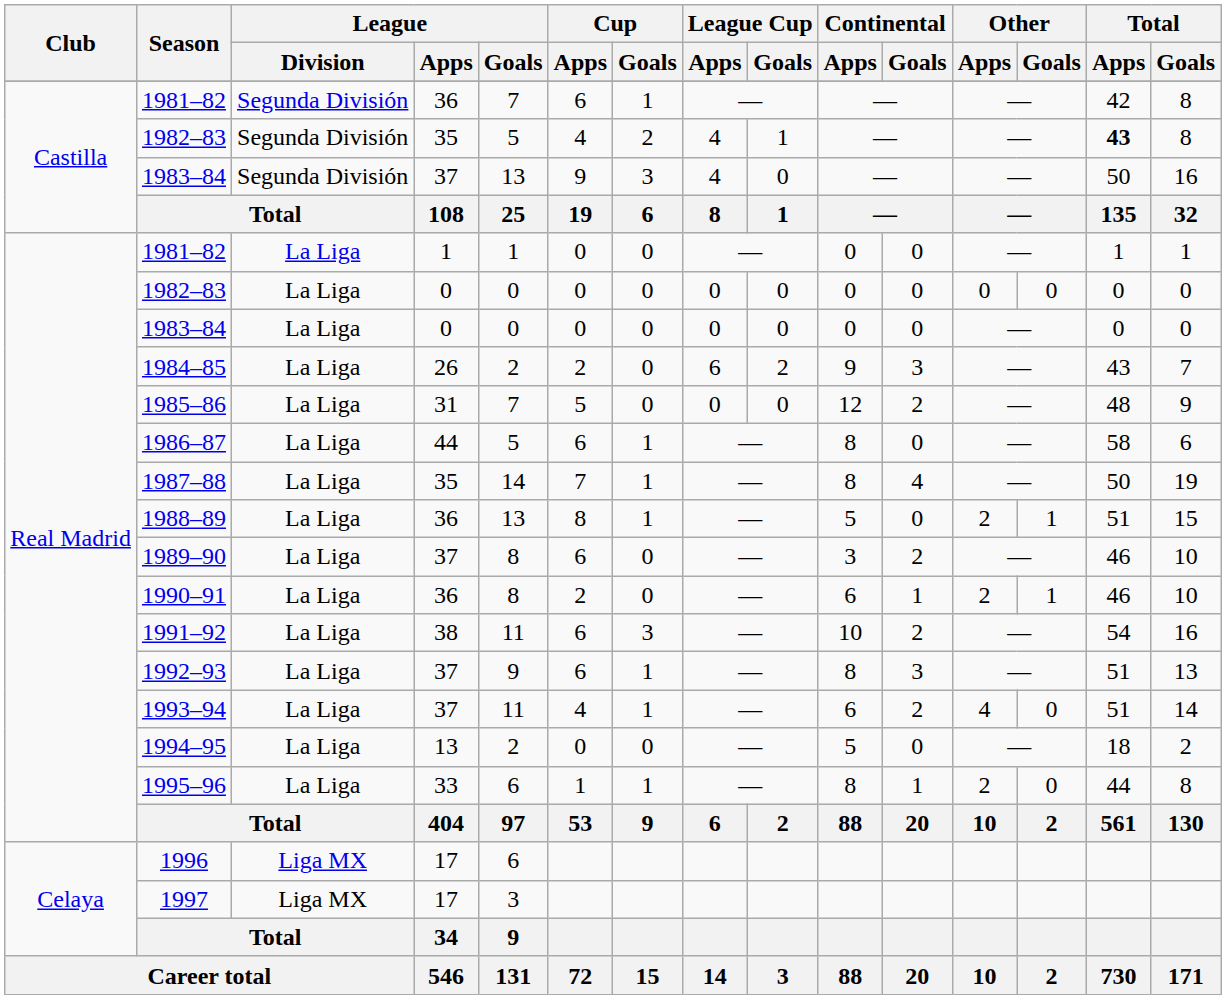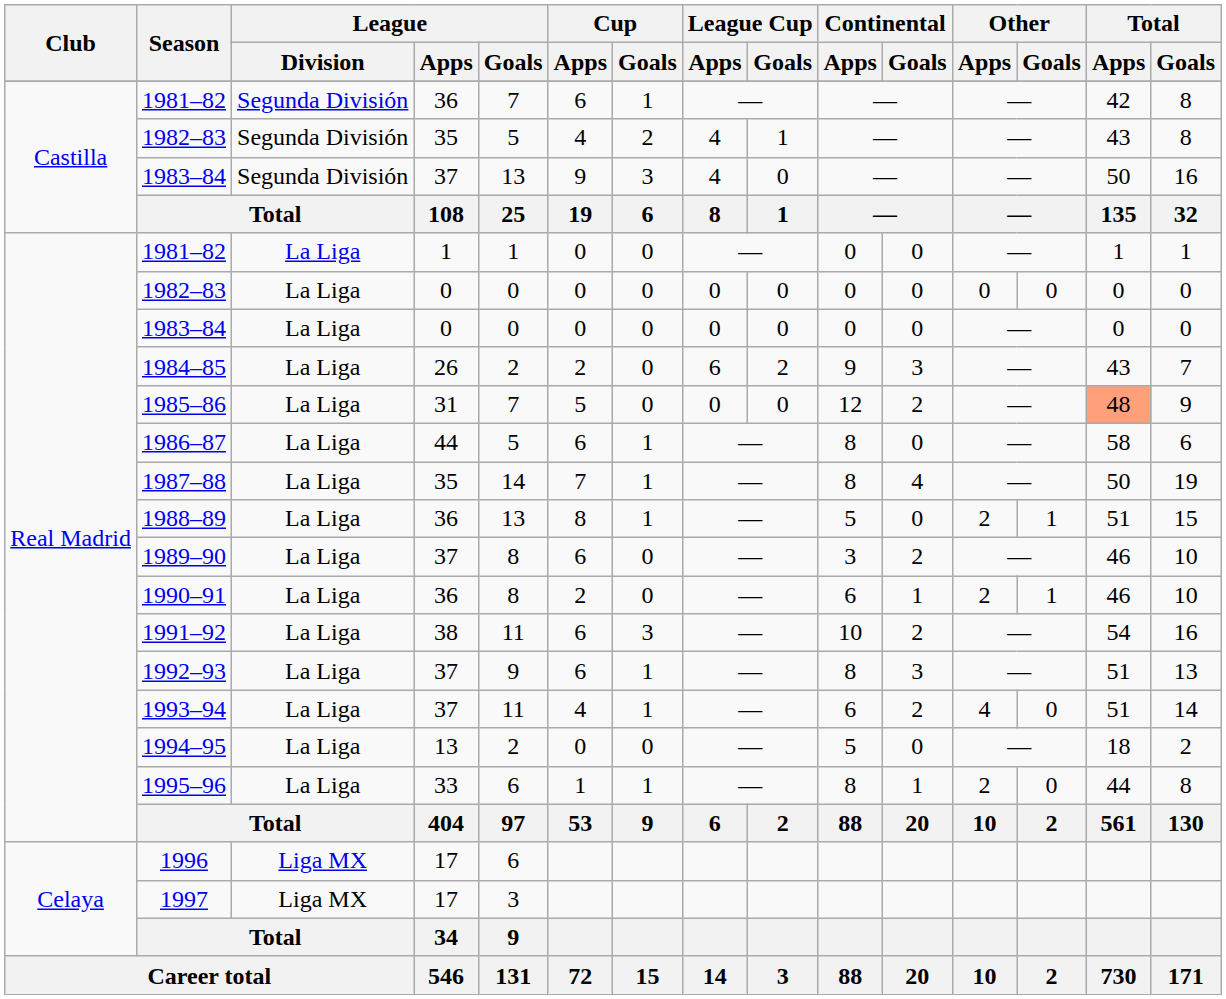 <table class="wikitable" style="text-align:center;">
 <tr>
 <th rowspan="2">Club</th>
 <th rowspan="2">Season</th>
 <th colspan="3">League</th>
 <th colspan="2">Cup</th>
 <th colspan="2">League Cup</th>
 <th colspan="2">Continental</th>
 <th colspan="2">Other</th>
 <th colspan="2">Total</th>
 </tr>
 <tr>
 <th>Division</th>
 <th>Apps</th>
 <th>Goals</th>
 <th>Apps</th>
 <th>Goals</th>
 <th>Apps</th>
 <th>Goals</th>
 <th>Apps</th>
 <th>Goals</th>
 <th>Apps</th>
 <th>Goals</th>
 <th>Apps</th>
 <th>Goals</th>
 </tr>
 <tr>
 </tr>
 <tr>
 <td rowspan="4"><a href='#'>Castilla</a></td>
 <td><a href='#'>1981–82</a></td>
 <td><a href='#'>Segunda División</a></td>
 <td>36</td>
 <td>7</td>
 <td>6</td>
 <td>1</td>
 <td colspan="2">—</td>
 <td colspan="2">—</td>
 <td colspan="2">—</td>
 <td>42</td>
 <td>8</td>
 </tr>
 <tr>
 <td><a href='#'>1982–83</a></td>
 <td>Segunda División</td>
 <td>35</td>
 <td>5</td>
 <td>4</td>
 <td>2</td>
 <td>4</td>
 <td>1</td>
 <td colspan="2">—</td>
 <td colspan="2">—</td>
-<td><strong>43</strong></td>
+<td>43</td>
 <td>8</td>
 </tr>
 <tr>
 <td><a href='#'>1983–84</a></td>
 <td>Segunda División</td>
 <td>37</td>
 <td>13</td>
 <td>9</td>
 <td>3</td>
 <td>4</td>
 <td>0</td>
 <td colspan="2">—</td>
 <td colspan="2">—</td>
 <td>50</td>
 <td>16</td>
 </tr>
 <tr>
 <th colspan="2">Total</th>
 <th>108</th>
 <th>25</th>
 <th>19</th>
 <th>6</th>
 <th>8</th>
 <th>1</th>
 <th colspan="2">—</th>
 <th colspan="2">—</th>
 <th>135</th>
 <th>32</th>
 </tr>
 <tr>
 <td rowspan="16"><a href='#'>Real Madrid</a></td>
 <td><a href='#'>1981–82</a></td>
 <td><a href='#'>La Liga</a></td>
 <td>1</td>
 <td>1</td>
 <td>0</td>
 <td>0</td>
 <td colspan=2>—</td>
 <td>0</td>
 <td>0</td>
 <td colspan=2>—</td>
 <td>1</td>
 <td>1</td>
 </tr>
 <tr>
 <td><a href='#'>1982–83</a></td>
 <td>La Liga</td>
 <td>0</td>
 <td>0</td>
 <td>0</td>
 <td>0</td>
 <td>0</td>
 <td>0</td>
 <td>0</td>
 <td>0</td>
 <td>0</td>
 <td>0</td>
 <td>0</td>
 <td>0</td>
 </tr>
 <tr>
 <td><a href='#'>1983–84</a></td>
 <td>La Liga</td>
 <td>0</td>
 <td>0</td>
 <td>0</td>
 <td>0</td>
 <td>0</td>
 <td>0</td>
 <td>0</td>
 <td>0</td>
 <td colspan=2>—</td>
 <td>0</td>
 <td>0</td>
 </tr>
 <tr>
 <td><a href='#'>1984–85</a></td>
 <td>La Liga</td>
 <td>26</td>
 <td>2</td>
 <td>2</td>
 <td>0</td>
 <td>6</td>
 <td>2</td>
 <td>9</td>
 <td>3</td>
 <td colspan=2>—</td>
 <td>43</td>
 <td>7</td>
 </tr>
 <tr>
 <td><a href='#'>1985–86</a></td>
 <td>La Liga</td>
 <td>31</td>
 <td>7</td>
 <td>5</td>
 <td>0</td>
 <td>0</td>
 <td>0</td>
 <td>12</td>
 <td>2</td>
 <td colspan=2>—</td>
-<td>48</td>
+<td style="background: lightsalmon;">48</td>
 <td>9</td>
 </tr>
 <tr>
 <td><a href='#'>1986–87</a></td>
 <td>La Liga</td>
 <td>44</td>
 <td>5</td>
 <td>6</td>
 <td>1</td>
 <td colspan=2>—</td>
 <td>8</td>
 <td>0</td>
 <td colspan=2>—</td>
 <td>58</td>
 <td>6</td>
 </tr>
 <tr>
 <td><a href='#'>1987–88</a></td>
 <td>La Liga</td>
 <td>35</td>
 <td>14</td>
 <td>7</td>
 <td>1</td>
 <td colspan=2>—</td>
 <td>8</td>
 <td>4</td>
 <td colspan=2>—</td>
 <td>50</td>
 <td>19</td>
 </tr>
 <tr>
 <td><a href='#'>1988–89</a></td>
 <td>La Liga</td>
 <td>36</td>
 <td>13</td>
 <td>8</td>
 <td>1</td>
 <td colspan=2>—</td>
 <td>5</td>
 <td>0</td>
 <td>2</td>
 <td>1</td>
 <td>51</td>
 <td>15</td>
 </tr>
 <tr>
 <td><a href='#'>1989–90</a></td>
 <td>La Liga</td>
 <td>37</td>
 <td>8</td>
 <td>6</td>
 <td>0</td>
 <td colspan=2>—</td>
 <td>3</td>
 <td>2</td>
 <td colspan=2>—</td>
 <td>46</td>
 <td>10</td>
 </tr>
 <tr>
 <td><a href='#'>1990–91</a></td>
 <td>La Liga</td>
 <td>36</td>
 <td>8</td>
 <td>2</td>
 <td>0</td>
 <td colspan=2>—</td>
 <td>6</td>
 <td>1</td>
 <td>2</td>
 <td>1</td>
 <td>46</td>
 <td>10</td>
 </tr>
 <tr>
 <td><a href='#'>1991–92</a></td>
 <td>La Liga</td>
 <td>38</td>
 <td>11</td>
 <td>6</td>
 <td>3</td>
 <td colspan=2>—</td>
 <td>10</td>
 <td>2</td>
 <td colspan=2>—</td>
 <td>54</td>
 <td>16</td>
 </tr>
 <tr>
 <td><a href='#'>1992–93</a></td>
 <td>La Liga</td>
 <td>37</td>
 <td>9</td>
 <td>6</td>
 <td>1</td>
 <td colspan=2>—</td>
 <td>8</td>
 <td>3</td>
 <td colspan=2>—</td>
 <td>51</td>
 <td>13</td>
 </tr>
 <tr>
 <td><a href='#'>1993–94</a></td>
 <td>La Liga</td>
 <td>37</td>
 <td>11</td>
 <td>4</td>
 <td>1</td>
 <td colspan=2>—</td>
 <td>6</td>
 <td>2</td>
 <td>4</td>
 <td>0</td>
 <td>51</td>
 <td>14</td>
 </tr>
 <tr>
 <td><a href='#'>1994–95</a></td>
 <td>La Liga</td>
 <td>13</td>
 <td>2</td>
 <td>0</td>
 <td>0</td>
 <td colspan=2>—</td>
 <td>5</td>
 <td>0</td>
 <td colspan=2>—</td>
 <td>18</td>
 <td>2</td>
 </tr>
 <tr>
 <td><a href='#'>1995–96</a></td>
 <td>La Liga</td>
 <td>33</td>
 <td>6</td>
 <td>1</td>
 <td>1</td>
 <td colspan=2>—</td>
 <td>8</td>
 <td>1</td>
 <td>2</td>
 <td>0</td>
 <td>44</td>
 <td>8</td>
 </tr>
 <tr>
 <th colspan=2>Total</th>
 <th>404</th>
 <th>97</th>
 <th>53</th>
 <th>9</th>
 <th>6</th>
 <th>2</th>
 <th>88</th>
 <th>20</th>
 <th>10</th>
 <th>2</th>
 <th>561</th>
 <th>130</th>
 </tr>
 <tr>
 <td rowspan="3"><a href='#'>Celaya</a></td>
 <td><a href='#'>1996</a></td>
 <td><a href='#'>Liga MX</a></td>
 <td>17</td>
 <td>6</td>
 <td></td>
 <td></td>
 <td></td>
 <td></td>
 <td></td>
 <td></td>
 <td></td>
 <td></td>
 <td></td>
 <td></td>
 </tr>
 <tr>
 <td><a href='#'>1997</a></td>
 <td>Liga MX</td>
 <td>17</td>
 <td>3</td>
 <td></td>
 <td></td>
 <td></td>
 <td></td>
 <td></td>
 <td></td>
 <td></td>
 <td></td>
 <td></td>
 <td></td>
 </tr>
 <tr>
 <th colspan="2">Total</th>
 <th>34</th>
 <th>9</th>
 <th></th>
 <th></th>
 <th></th>
 <th></th>
 <th></th>
 <th></th>
 <th></th>
 <th></th>
 <th></th>
 <th></th>
 </tr>
 <tr>
 <th colspan="3">Career total</th>
 <th>546</th>
 <th>131</th>
 <th>72</th>
 <th>15</th>
 <th>14</th>
 <th>3</th>
 <th>88</th>
 <th>20</th>
 <th>10</th>
 <th>2</th>
 <th>730</th>
 <th>171</th>
 </tr>
 </table>
